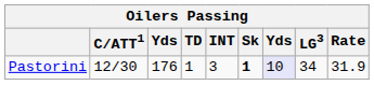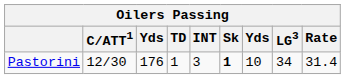 <table class="wikitable">
 <tr>
 <th colspan="9">Oilers Passing</th>
 </tr>
 <tr>
 <th></th>
 <th>C/ATT<sup>1</sup></th>
 <th>Yds</th>
 <th>TD</th>
 <th>INT</th>
 <th>Sk</th>
 <th>Yds</th>
 <th>LG<sup>3</sup></th>
 <th>Rate</th>
 </tr>
 <tr>
 <td><a href='#'>Pastorini</a></td>
 <td>12/30</td>
 <td>176</td>
 <td>1</td>
 <td>3</td>
 <td><strong>1</strong></td>
-<td style="background: lavender;">10</td>
+<td>10</td>
 <td>34</td>
-<td>31.9</td>
+<td>31.4</td>
 </tr>
 </table>
